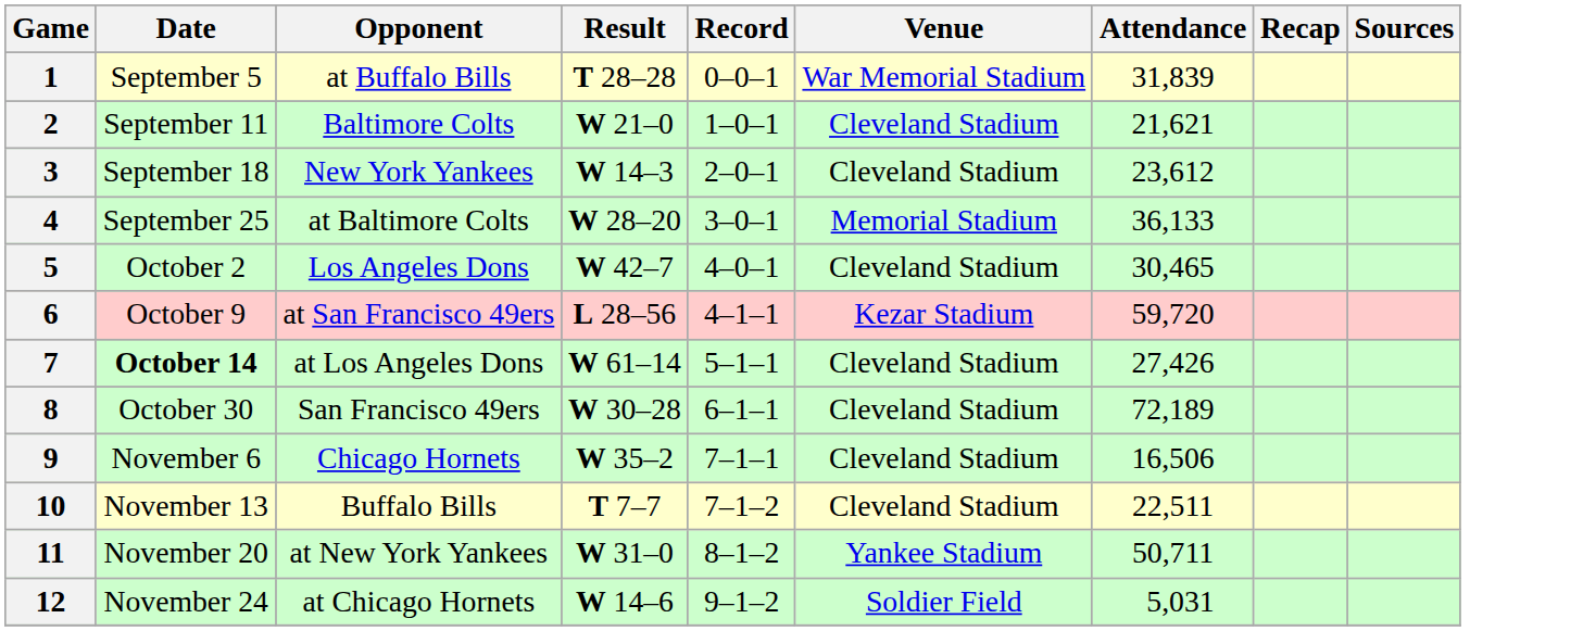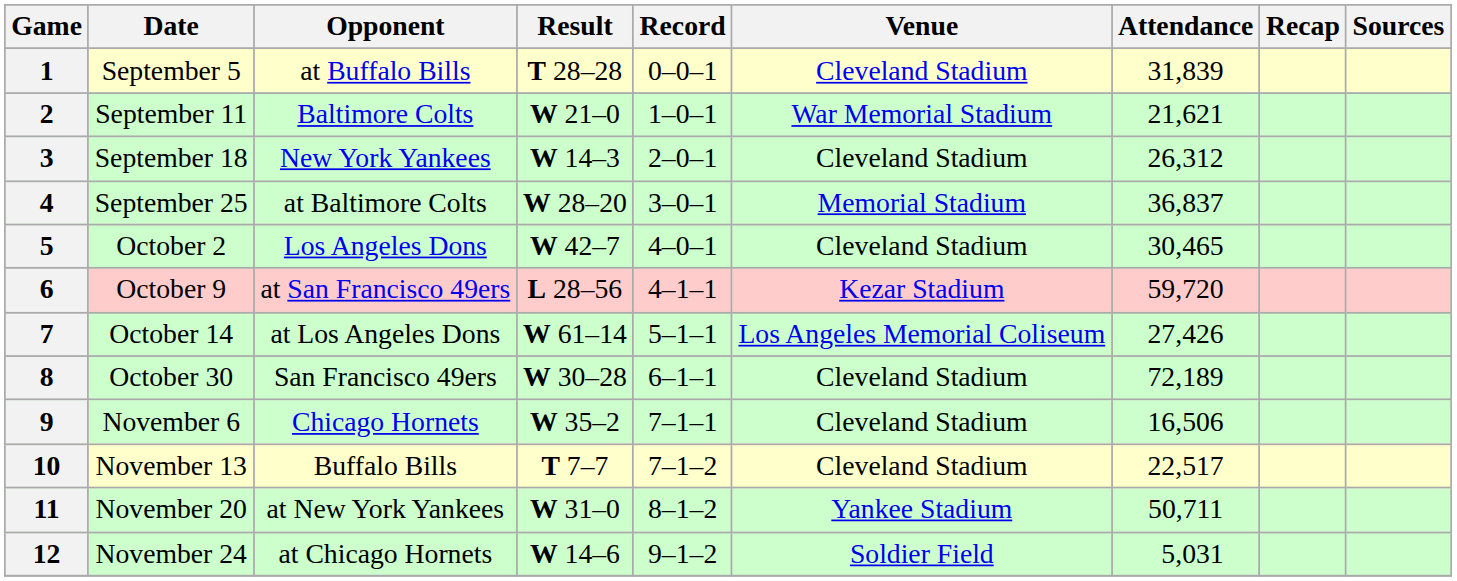 <table class="wikitable" style="text-align:center">
 <tr>
 <th>Game</th>
 <th>Date</th>
 <th>Opponent</th>
 <th>Result</th>
 <th>Record</th>
 <th>Venue</th>
 <th>Attendance</th>
 <th>Recap</th>
 <th>Sources</th>
 </tr>
 <tr style="background: #ffc;">
 <th>1</th>
 <td>September 5</td>
 <td>at <a href='#'>Buffalo Bills</a></td>
 <td><strong>T</strong> 28–28</td>
 <td>0–0–1</td>
-<td><a href='#'>War Memorial Stadium</a></td>
+<td><a href='#'>Cleveland Stadium</a></td>
 <td>31,839</td>
 <td></td>
 <td></td>
 </tr>
 <tr style="background: #cfc;">
 <th>2</th>
 <td>September 11</td>
 <td><a href='#'>Baltimore Colts</a></td>
 <td><strong>W</strong> 21–0</td>
 <td>1–0–1</td>
-<td><a href='#'>Cleveland Stadium</a></td>
+<td><a href='#'>War Memorial Stadium</a></td>
 <td align="center">21,621</td>
 <td></td>
 <td></td>
 </tr>
 <tr style="background: #cfc;">
 <th>3</th>
 <td>September 18</td>
 <td><a href='#'>New York Yankees</a></td>
 <td><strong>W</strong> 14–3</td>
 <td>2–0–1</td>
 <td>Cleveland Stadium</td>
-<td align="center">23,612</td>
+<td align="center">26,312</td>
 <td></td>
 <td></td>
 </tr>
 <tr style="background: #cfc;">
 <th>4</th>
 <td>September 25</td>
 <td>at Baltimore Colts</td>
 <td><strong>W</strong> 28–20</td>
 <td>3–0–1</td>
 <td><a href='#'>Memorial Stadium</a></td>
-<td>36,133</td>
+<td>36,837</td>
 <td></td>
 <td></td>
 </tr>
 <tr style="background: #cfc;">
 <th>5</th>
 <td>October 2</td>
 <td><a href='#'>Los Angeles Dons</a></td>
 <td><strong>W</strong> 42–7</td>
 <td>4–0–1</td>
 <td>Cleveland Stadium</td>
 <td>30,465</td>
 <td></td>
 <td></td>
 </tr>
 <tr style="background: #fcc;">
 <th>6</th>
 <td>October 9</td>
 <td>at <a href='#'>San Francisco 49ers</a></td>
 <td><strong>L</strong> 28–56</td>
 <td>4–1–1</td>
 <td><a href='#'>Kezar Stadium</a></td>
 <td>59,720</td>
 <td></td>
 <td></td>
 </tr>
 <tr style="background: #cfc">
 <th>7</th>
-<td><strong>October 14</strong></td>
+<td>October 14</td>
 <td>at Los Angeles Dons</td>
 <td><strong>W</strong> 61–14</td>
 <td>5–1–1</td>
-<td>Cleveland Stadium</td>
+<td><a href='#'>Los Angeles Memorial Coliseum</a></td>
 <td>27,426</td>
 <td></td>
 <td></td>
 </tr>
 <tr style="background: #cfc;">
 <th>8</th>
 <td>October 30</td>
 <td>San Francisco 49ers</td>
 <td><strong>W</strong> 30–28</td>
 <td>6–1–1</td>
 <td>Cleveland Stadium</td>
 <td align="center">72,189</td>
 <td></td>
 <td></td>
 </tr>
 <tr style="background: #cfc;">
 <th>9</th>
 <td>November 6</td>
 <td><a href='#'>Chicago Hornets</a></td>
 <td><strong>W</strong> 35–2</td>
 <td>7–1–1</td>
 <td>Cleveland Stadium</td>
 <td>16,506</td>
 <td></td>
 <td></td>
 </tr>
 <tr style="background: #ffc;">
 <th>10</th>
 <td>November 13</td>
 <td>Buffalo Bills</td>
 <td><strong>T</strong> 7–7</td>
 <td>7–1–2</td>
 <td>Cleveland Stadium</td>
-<td>22,511</td>
+<td>22,517</td>
 <td></td>
 <td></td>
 </tr>
 <tr style="background: #cfc;">
 <th>11</th>
 <td>November 20</td>
 <td>at New York Yankees</td>
 <td><strong>W</strong> 31–0</td>
 <td>8–1–2</td>
 <td><a href='#'>Yankee Stadium</a></td>
 <td align="center">50,711</td>
 <td></td>
 <td></td>
 </tr>
 <tr style="background: #cfc;">
 <th>12</th>
 <td>November 24</td>
 <td>at Chicago Hornets</td>
 <td><strong>W</strong> 14–6</td>
 <td>9–1–2</td>
 <td><a href='#'>Soldier Field</a></td>
 <td>  5,031</td>
 <td></td>
 <td></td>
 </tr>
 <tr>
 </tr>
 </table>
